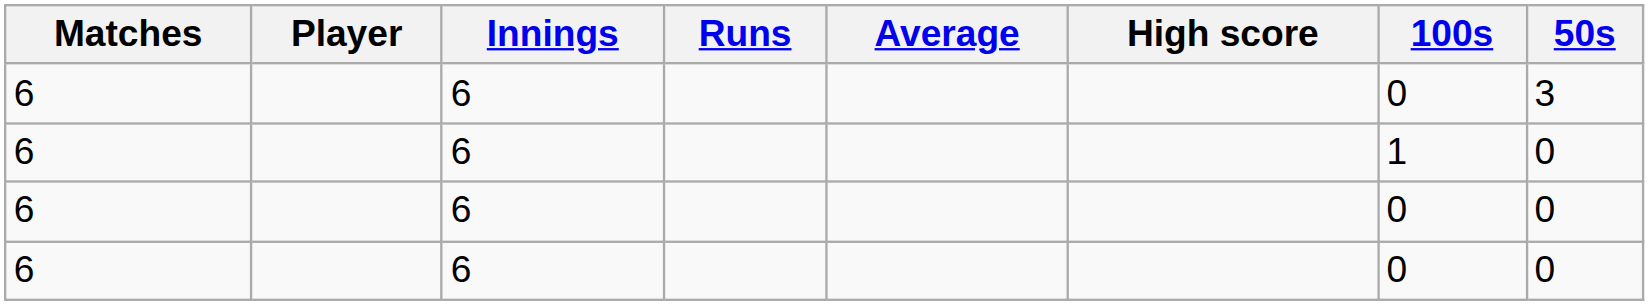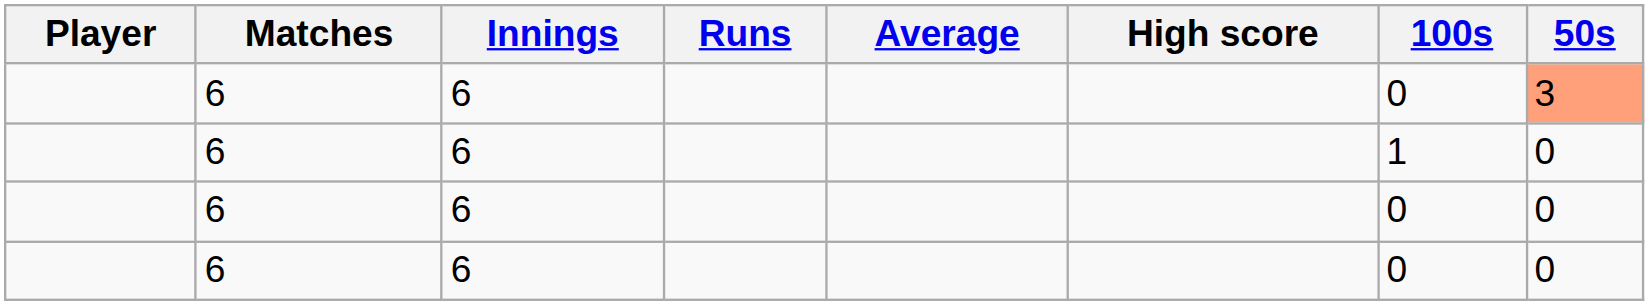 <table class="wikitable sortable" style="width:80%;">
 <tr>
+<th>Player</th>
 <th>Matches</th>
-<th>Player</th>
 <th><a href='#'>Innings</a></th>
 <th><a href='#'>Runs</a></th>
 <th><a href='#'>Average</a></th>
 <th>High score</th>
 <th><a href='#'>100s</a></th>
 <th><a href='#'>50s</a></th>
 </tr>
 <tr>
+<td></td>
 <td>6</td>
-<td></td>
 <td>6</td>
 <td></td>
 <td></td>
 <td></td>
 <td>0</td>
-<td>3</td>
+<td style="background: lightsalmon;">3</td>
 </tr>
 <tr>
+<td></td>
 <td>6</td>
-<td></td>
 <td>6</td>
 <td></td>
 <td></td>
 <td></td>
 <td>1</td>
 <td>0</td>
 </tr>
 <tr>
+<td></td>
 <td>6</td>
-<td></td>
 <td>6</td>
 <td></td>
 <td></td>
 <td></td>
 <td>0</td>
 <td>0</td>
 </tr>
 <tr>
+<td></td>
 <td>6</td>
-<td></td>
 <td>6</td>
 <td></td>
 <td></td>
 <td></td>
 <td>0</td>
 <td>0</td>
 </tr>
 </table>
